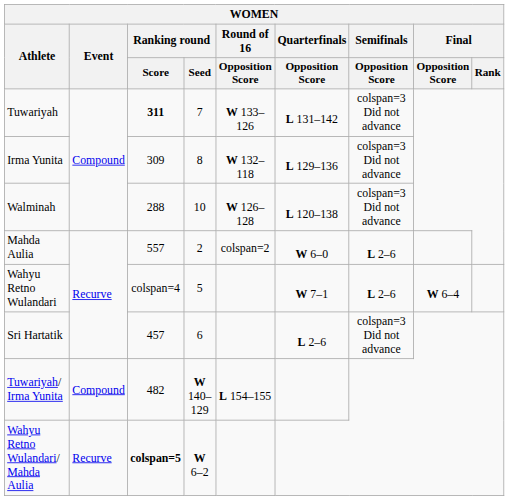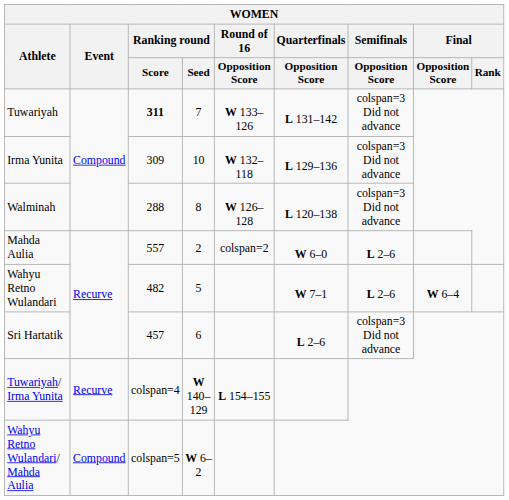 <table class="wikitable" style="font-size:90%">
 <tr>
 <th colspan="9">WOMEN</th>
 </tr>
 <tr>
 <th rowspan=2>Athlete</th>
 <th rowspan=2>Event</th>
 <th colspan="2">Ranking round</th>
 <th>Round of 16</th>
 <th>Quarterfinals</th>
 <th>Semifinals</th>
 <th colspan="2">Final</th>
 </tr>
 <tr style="font-size:95%">
 <th>Score</th>
 <th>Seed</th>
 <th>Opposition<br>Score</th>
 <th>Opposition<br>Score</th>
 <th>Opposition<br>Score</th>
 <th>Opposition<br>Score</th>
 <th>Rank</th>
 </tr>
 <tr align=center>
 <td align=left>Tuwariyah</td>
 <td rowspan="3" align=left><a href='#'>Compound</a></td>
 <td><strong>311</strong></td>
 <td>7</td>
 <td><br><strong>W</strong> 133–126</td>
 <td><br><strong>L</strong> 131–142</td>
 <td>colspan=3 Did not advance</td>
 </tr>
 <tr align=center>
 <td align=left>Irma Yunita</td>
 <td>309</td>
-<td>8</td>
+<td>10</td>
 <td><br><strong>W</strong> 132–118</td>
 <td><br><strong>L</strong> 129–136</td>
 <td>colspan=3 Did not advance</td>
 </tr>
 <tr align=center>
 <td align=left>Walminah</td>
 <td>288</td>
-<td>10</td>
+<td>8</td>
 <td><br><strong>W</strong> 126–128</td>
 <td><br><strong>L</strong> 120–138</td>
 <td>colspan=3 Did not advance</td>
 </tr>
 <tr align=center>
 <td align=left>Mahda Aulia</td>
 <td rowspan="3" align=left><a href='#'>Recurve</a></td>
 <td>557</td>
 <td>2</td>
 <td>colspan=2 </td>
 <td><br><strong>W</strong> 6–0</td>
 <td><br><strong>L</strong> 2–6</td>
 <td></td>
 </tr>
 <tr align=center>
 <td align=left>Wahyu Retno Wulandari</td>
-<td>colspan=4 </td>
+<td>482</td>
 <td>5</td>
 <td></td>
 <td><br><strong>W</strong> 7–1</td>
 <td><br><strong>L</strong> 2–6</td>
 <td><br><strong>W</strong> 6–4</td>
 <td></td>
 </tr>
 <tr align=center>
 <td align=left>Sri Hartatik</td>
 <td>457</td>
 <td>6</td>
 <td></td>
 <td><br><strong>L</strong> 2–6</td>
 <td>colspan=3 Did not advance</td>
 </tr>
 <tr align=center>
 <td align=left><a href='#'>Tuwariyah</a>/<br><a href='#'>Irma Yunita</a></td>
-<td align=left><a href='#'>Compound</a></td>
-<td>482</td>
+<td align=left><a href='#'>Recurve</a></td>
+<td>colspan=4 </td>
 <td><br><strong>W</strong> 140–129</td>
 <td><br><strong>L</strong> 154–155</td>
 <td></td>
 </tr>
 <tr align=center>
 <td align=left><a href='#'>Wahyu Retno Wulandari</a>/<br><a href='#'>Mahda Aulia</a></td>
-<td align=left><a href='#'>Recurve</a></td>
-<td><strong>colspan=5 </strong></td>
+<td align=left><a href='#'>Compound</a></td>
+<td>colspan=5 </td>
 <td><br><strong>W</strong> 6–2</td>
 <td></td>
 </tr>
 </table>
